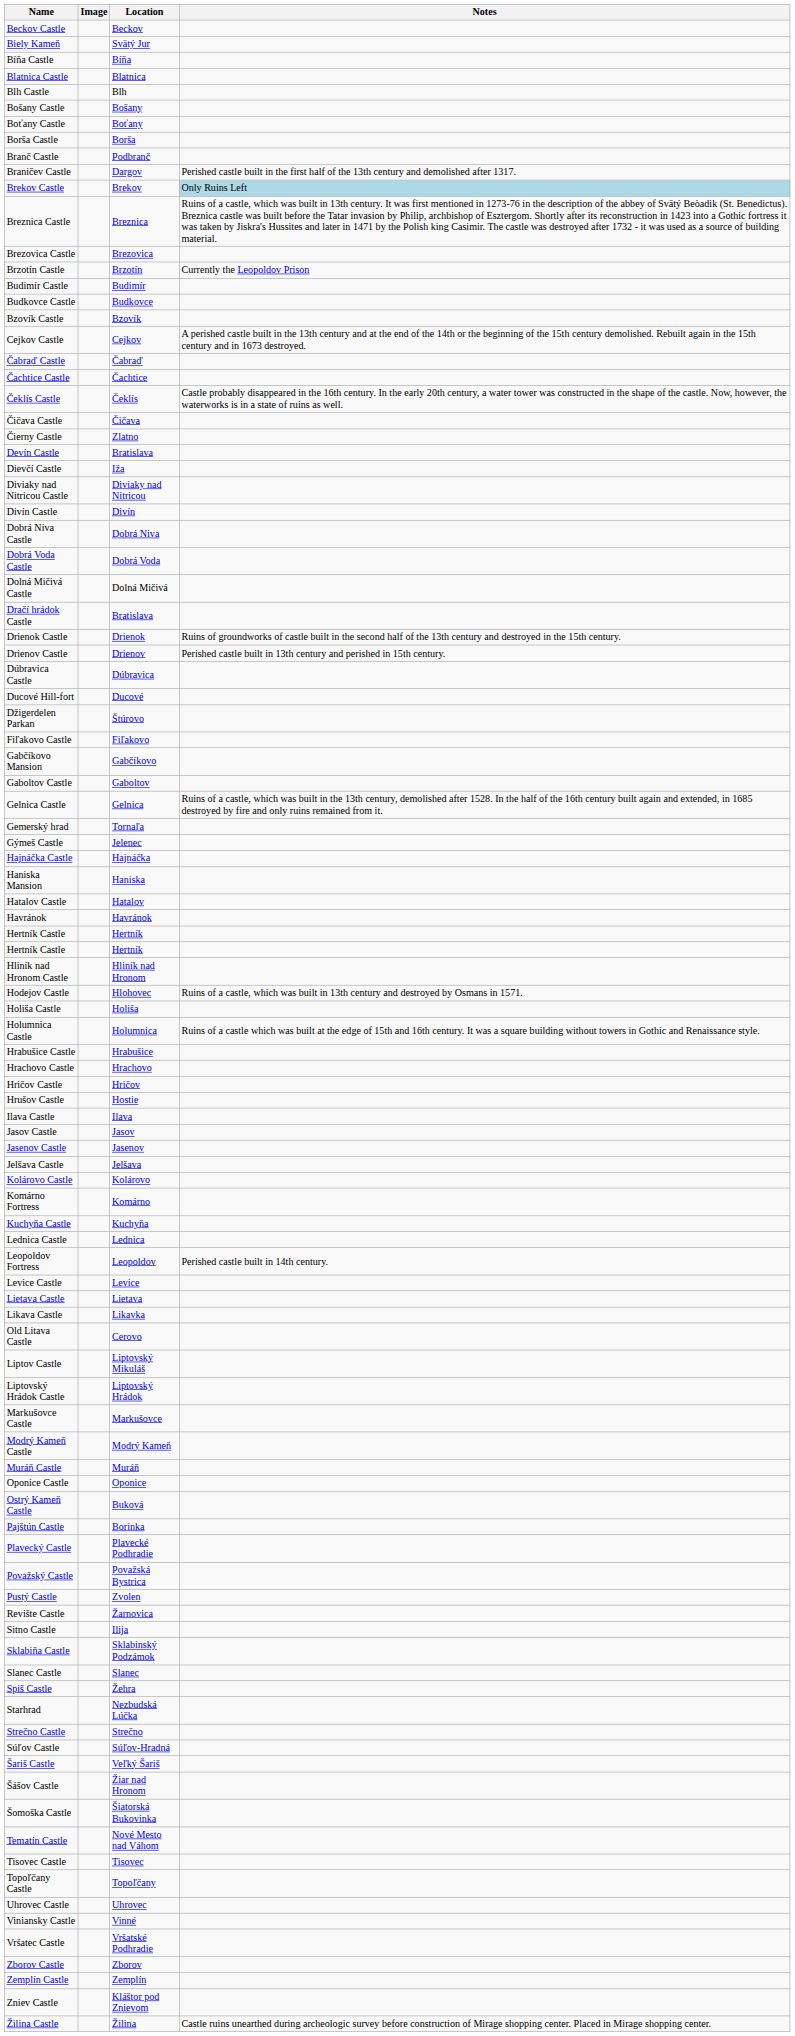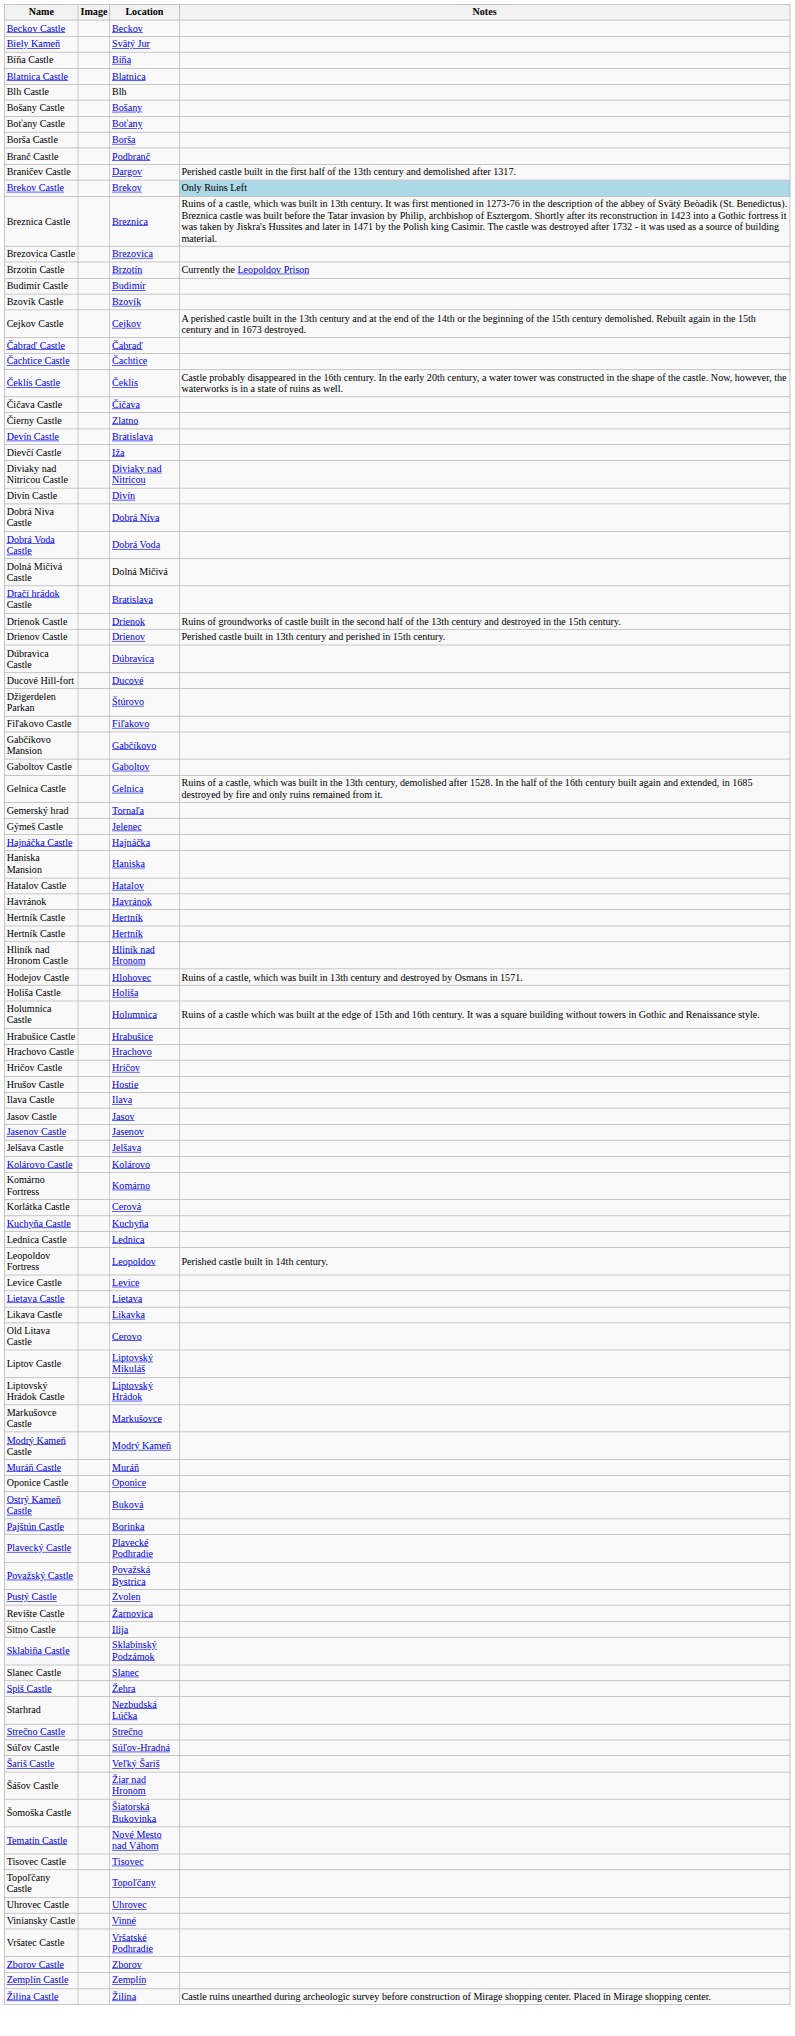 <table class="wikitable sortable" style="border: 0; cellpadding: 2; cellspacing: 3;">
 <tr style="vertical-align:middle;">
 <th>Name</th>
 <th>Image</th>
 <th>Location</th>
 <th class="unsortable">Notes</th>
 </tr>
 <tr>
 <td><a href='#'>Beckov Castle</a></td>
 <td></td>
 <td><a href='#'>Beckov</a></td>
 <td></td>
 </tr>
 <tr>
 <td><a href='#'>Biely Kameň</a></td>
 <td></td>
 <td><a href='#'>Svätý Jur</a></td>
 <td></td>
 </tr>
 <tr>
 <td>Bíňa Castle</td>
 <td></td>
 <td><a href='#'>Bíňa</a></td>
 <td></td>
 </tr>
 <tr>
 <td><a href='#'>Blatnica Castle</a></td>
 <td></td>
 <td><a href='#'>Blatnica</a></td>
 <td></td>
 </tr>
 <tr>
 <td>Blh Castle</td>
 <td></td>
 <td>Blh</td>
 <td></td>
 </tr>
 <tr>
 <td>Bošany Castle</td>
 <td></td>
 <td><a href='#'>Bošany</a></td>
 <td></td>
 </tr>
 <tr>
 <td>Boťany Castle</td>
 <td></td>
 <td><a href='#'>Boťany</a></td>
 <td></td>
 </tr>
 <tr>
 <td>Borša Castle</td>
 <td></td>
 <td><a href='#'>Borša</a></td>
 <td></td>
 </tr>
 <tr>
 <td>Branč Castle</td>
 <td></td>
 <td><a href='#'>Podbranč</a></td>
 <td></td>
 </tr>
 <tr>
 <td>Braničev Castle</td>
 <td></td>
 <td><a href='#'>Dargov</a></td>
 <td>Perished castle built in the first half of the 13th century and demolished after 1317.</td>
 </tr>
 <tr>
 <td><a href='#'>Brekov Castle</a></td>
 <td></td>
 <td><a href='#'>Brekov</a></td>
 <td style="background: lightblue;">Only Ruins Left</td>
 </tr>
 <tr>
 <td>Breznica Castle</td>
 <td></td>
 <td><a href='#'>Breznica</a></td>
 <td>Ruins of a castle, which was built in 13th century. It was first mentioned in 1273-76 in the description of the abbey of Svätý Beòadik (St. Benedictus). Breznica castle was built before the Tatar invasion by Philip, archbishop of Esztergom. Shortly after its reconstruction in 1423 into a Gothic fortress it was taken by Jiskra's Hussites and later in 1471 by the Polish king Casimir. The castle was destroyed after 1732 - it was used as a source of building material.</td>
 </tr>
 <tr>
 <td>Brezovica Castle</td>
 <td></td>
 <td><a href='#'>Brezovica</a></td>
 <td></td>
 </tr>
 <tr>
 <td>Brzotín Castle</td>
 <td></td>
 <td><a href='#'>Brzotín</a></td>
 <td>Currently the <a href='#'>Leopoldov Prison</a></td>
 </tr>
 <tr>
 <td>Budimír Castle</td>
 <td></td>
 <td><a href='#'>Budimír</a></td>
-<td></td>
-</tr>
-<tr>
-<td>Budkovce Castle</td>
-<td></td>
-<td><a href='#'>Budkovce</a></td>
 <td></td>
 </tr>
 <tr>
 <td>Bzovík Castle</td>
 <td></td>
 <td><a href='#'>Bzovík</a></td>
 <td></td>
 </tr>
 <tr>
 <td>Cejkov Castle</td>
 <td></td>
 <td><a href='#'>Cejkov</a></td>
 <td>A perished castle built in the 13th century and at the end of the 14th or the beginning of the 15th century demolished. Rebuilt again in the 15th century and in 1673 destroyed.</td>
 </tr>
 <tr>
 <td><a href='#'>Čabraď Castle</a></td>
 <td></td>
 <td><a href='#'>Čabraď</a></td>
 <td></td>
 </tr>
 <tr>
 <td><a href='#'>Čachtice Castle</a></td>
 <td></td>
 <td><a href='#'>Čachtice</a></td>
 <td></td>
 </tr>
 <tr>
 <td><a href='#'>Čeklís Castle</a></td>
 <td></td>
 <td><a href='#'>Čeklís</a></td>
 <td>Castle probably disappeared in the 16th century. In the early 20th century, a water tower was constructed in the shape of the castle. Now, however, the waterworks is in a state of ruins as well.</td>
 </tr>
 <tr>
 <td>Čičava Castle</td>
 <td></td>
 <td><a href='#'>Čičava</a></td>
 <td></td>
 </tr>
 <tr>
 <td>Čierny Castle</td>
 <td></td>
 <td><a href='#'>Zlatno</a></td>
 <td></td>
 </tr>
 <tr>
 <td><a href='#'>Devín Castle</a></td>
 <td></td>
 <td><a href='#'>Bratislava</a></td>
 <td></td>
 </tr>
 <tr>
 <td>Dievčí Castle</td>
 <td></td>
 <td><a href='#'>Iža</a></td>
 <td></td>
 </tr>
 <tr>
 <td>Diviaky nad Nitricou Castle</td>
 <td></td>
 <td><a href='#'>Diviaky nad Nitricou</a></td>
 <td></td>
 </tr>
 <tr>
 <td>Divín Castle</td>
 <td></td>
 <td><a href='#'>Divín</a></td>
 <td></td>
 </tr>
 <tr>
 <td>Dobrá Niva Castle</td>
 <td></td>
 <td><a href='#'>Dobrá Niva</a></td>
 <td></td>
 </tr>
 <tr>
 <td><a href='#'>Dobrá Voda Castle</a></td>
 <td></td>
 <td><a href='#'>Dobrá Voda</a></td>
 <td></td>
 </tr>
 <tr>
 <td>Dolná Mičivá Castle</td>
 <td></td>
 <td>Dolná Mičivá</td>
 <td></td>
 </tr>
 <tr>
 <td><a href='#'>Dračí hrádok</a> Castle</td>
 <td></td>
 <td><a href='#'>Bratislava</a></td>
 <td></td>
 </tr>
 <tr>
 <td>Drienok Castle</td>
 <td></td>
 <td><a href='#'>Drienok</a></td>
 <td>Ruins of groundworks of castle built in the second half of the 13th century and destroyed in the 15th century.</td>
 </tr>
 <tr>
 <td>Drienov Castle</td>
 <td></td>
 <td><a href='#'>Drienov</a></td>
 <td>Perished castle built in 13th century and perished in 15th century.</td>
 </tr>
 <tr>
 <td>Dúbravica Castle</td>
 <td></td>
 <td><a href='#'>Dúbravica</a></td>
 <td></td>
 </tr>
 <tr>
 <td>Ducové Hill-fort</td>
 <td></td>
 <td><a href='#'>Ducové</a></td>
 <td></td>
 </tr>
 <tr>
 <td>Džigerdelen Parkan</td>
 <td></td>
 <td><a href='#'>Štúrovo</a></td>
 <td></td>
 </tr>
 <tr>
 <td>Fiľakovo Castle</td>
 <td></td>
 <td><a href='#'>Fiľakovo</a></td>
 <td></td>
 </tr>
 <tr>
 <td>Gabčíkovo Mansion</td>
 <td></td>
 <td><a href='#'>Gabčíkovo</a></td>
 <td></td>
 </tr>
 <tr>
 <td>Gaboltov Castle</td>
 <td></td>
 <td><a href='#'>Gaboltov</a></td>
 <td></td>
 </tr>
 <tr>
 <td>Gelnica Castle</td>
 <td></td>
 <td><a href='#'>Gelnica</a></td>
 <td>Ruins of a castle, which was built in the 13th century, demolished after 1528. In the half of the 16th century built again and extended, in 1685 destroyed by fire and only ruins remained from it.</td>
 </tr>
 <tr>
 <td>Gemerský hrad</td>
 <td></td>
 <td><a href='#'>Tornaľa</a></td>
 <td></td>
 </tr>
 <tr>
 <td>Gýmeš Castle</td>
 <td></td>
 <td><a href='#'>Jelenec</a></td>
 <td></td>
 </tr>
 <tr>
 <td><a href='#'>Hajnáčka Castle</a></td>
 <td></td>
 <td><a href='#'>Hajnáčka</a></td>
 <td></td>
 </tr>
 <tr>
 <td>Haniska Mansion</td>
 <td></td>
 <td><a href='#'>Haniska</a></td>
 <td></td>
 </tr>
 <tr>
 <td>Hatalov Castle</td>
 <td></td>
 <td><a href='#'>Hatalov</a></td>
 <td></td>
 </tr>
 <tr>
 <td>Havránok</td>
 <td></td>
 <td><a href='#'>Havránok</a></td>
 <td></td>
 </tr>
 <tr>
 <td>Hertník Castle</td>
 <td></td>
 <td><a href='#'>Hertník</a></td>
 <td></td>
 </tr>
 <tr>
 <td>Hertník Castle</td>
 <td></td>
 <td><a href='#'>Hertník</a></td>
 <td></td>
 </tr>
 <tr>
 <td>Hliník nad Hronom Castle</td>
 <td></td>
 <td><a href='#'>Hliník nad Hronom</a></td>
 <td></td>
 </tr>
 <tr>
 <td>Hodejov Castle</td>
 <td></td>
 <td><a href='#'>Hlohovec</a></td>
 <td>Ruins of a castle, which was built in 13th century and destroyed by Osmans in 1571.</td>
 </tr>
 <tr>
 <td>Holiša Castle</td>
 <td></td>
 <td><a href='#'>Holiša</a></td>
 <td></td>
 </tr>
 <tr>
 <td>Holumnica Castle</td>
 <td></td>
 <td><a href='#'>Holumnica</a></td>
 <td>Ruins of a castle which was built at the edge of 15th and 16th century.  It was a square building without towers in Gothic and Renaissance style.</td>
 </tr>
 <tr>
 <td>Hrabušice Castle</td>
 <td></td>
 <td><a href='#'>Hrabušice</a></td>
 <td></td>
 </tr>
 <tr>
 <td>Hrachovo Castle</td>
 <td></td>
 <td><a href='#'>Hrachovo</a></td>
 <td></td>
 </tr>
 <tr>
 <td>Hričov Castle</td>
 <td></td>
 <td><a href='#'>Hričov</a></td>
 <td></td>
 </tr>
 <tr>
 <td>Hrušov Castle</td>
 <td></td>
 <td><a href='#'>Hostie</a></td>
 <td></td>
 </tr>
 <tr>
 <td>Ilava Castle</td>
 <td></td>
 <td><a href='#'>Ilava</a></td>
 <td></td>
 </tr>
 <tr>
 <td>Jasov Castle</td>
 <td></td>
 <td><a href='#'>Jasov</a></td>
 <td></td>
 </tr>
 <tr>
 <td><a href='#'>Jasenov Castle</a></td>
 <td></td>
 <td><a href='#'>Jasenov</a></td>
 <td></td>
 </tr>
 <tr>
 <td>Jelšava Castle</td>
 <td></td>
 <td><a href='#'>Jelšava</a></td>
 <td></td>
 </tr>
 <tr>
 <td><a href='#'>Kolárovo Castle</a></td>
 <td></td>
 <td><a href='#'>Kolárovo</a></td>
 <td></td>
 </tr>
 <tr>
 <td>Komárno Fortress</td>
 <td></td>
 <td><a href='#'>Komárno</a></td>
 <td></td>
 </tr>
 <tr>
+<td>Korlátka Castle</td>
+<td></td>
+<td><a href='#'>Cerová</a></td>
+<td></td>
+</tr>
+<tr>
 <td><a href='#'>Kuchyňa Castle</a></td>
 <td></td>
 <td><a href='#'>Kuchyňa</a></td>
 <td></td>
 </tr>
 <tr>
 <td>Lednica Castle</td>
 <td></td>
 <td><a href='#'>Lednica</a></td>
 <td></td>
 </tr>
 <tr>
 <td>Leopoldov Fortress</td>
 <td></td>
 <td><a href='#'>Leopoldov</a></td>
 <td>Perished castle built in 14th century.</td>
 </tr>
 <tr>
 <td>Levice Castle</td>
 <td></td>
 <td><a href='#'>Levice</a></td>
 <td></td>
 </tr>
 <tr>
 <td><a href='#'>Lietava Castle</a></td>
 <td></td>
 <td><a href='#'>Lietava</a></td>
 <td></td>
 </tr>
 <tr>
 <td>Likava Castle</td>
 <td></td>
 <td><a href='#'>Likavka</a></td>
 <td></td>
 </tr>
 <tr>
 <td>Old Litava Castle</td>
 <td></td>
 <td><a href='#'>Cerovo</a></td>
 <td></td>
 </tr>
 <tr>
 <td>Liptov Castle</td>
 <td></td>
 <td><a href='#'>Liptovský Mikuláš</a></td>
 <td></td>
 </tr>
 <tr>
 <td>Liptovský Hrádok Castle</td>
 <td></td>
 <td><a href='#'>Liptovský Hrádok</a></td>
 <td></td>
 </tr>
 <tr>
 <td>Markušovce Castle</td>
 <td></td>
 <td><a href='#'>Markušovce</a></td>
 <td></td>
 </tr>
 <tr>
 <td><a href='#'>Modrý Kameň</a> Castle</td>
 <td></td>
 <td><a href='#'>Modrý Kameň</a></td>
 <td></td>
 </tr>
 <tr>
 <td><a href='#'>Muráň Castle</a></td>
 <td></td>
 <td><a href='#'>Muráň</a></td>
 <td></td>
 </tr>
 <tr>
 <td>Oponice Castle</td>
 <td></td>
 <td><a href='#'>Oponice</a></td>
 <td></td>
 </tr>
 <tr>
 <td><a href='#'>Ostrý Kameň Castle</a></td>
 <td></td>
 <td><a href='#'>Buková</a></td>
 <td></td>
 </tr>
 <tr>
 <td><a href='#'>Pajštún Castle</a></td>
 <td></td>
 <td><a href='#'>Borinka</a></td>
 <td></td>
 </tr>
 <tr>
 <td><a href='#'>Plavecký Castle</a></td>
 <td></td>
 <td><a href='#'>Plavecké Podhradie</a></td>
 <td></td>
 </tr>
 <tr>
 <td><a href='#'>Považský Castle</a></td>
 <td></td>
 <td><a href='#'>Považská Bystrica</a></td>
 <td></td>
 </tr>
 <tr>
 <td><a href='#'>Pustý Castle</a></td>
 <td></td>
 <td><a href='#'>Zvolen</a></td>
 <td></td>
 </tr>
 <tr>
 <td>Revište Castle</td>
 <td></td>
 <td><a href='#'>Žarnovica</a></td>
 <td></td>
 </tr>
 <tr>
 <td>Sitno Castle</td>
 <td></td>
 <td><a href='#'>Ilija</a></td>
 <td></td>
 </tr>
 <tr>
 <td><a href='#'>Sklabiňa Castle</a></td>
 <td></td>
 <td><a href='#'>Sklabinský Podzámok</a></td>
 <td></td>
 </tr>
 <tr>
 <td>Slanec Castle</td>
 <td></td>
 <td><a href='#'>Slanec</a></td>
 <td></td>
 </tr>
 <tr>
 <td><a href='#'>Spiš Castle</a></td>
 <td></td>
 <td><a href='#'>Žehra</a></td>
 <td></td>
 </tr>
 <tr>
 <td>Starhrad</td>
 <td></td>
 <td><a href='#'>Nezbudská Lúčka</a></td>
 <td></td>
 </tr>
 <tr>
 <td><a href='#'>Strečno Castle</a></td>
 <td></td>
 <td><a href='#'>Strečno</a></td>
 <td></td>
 </tr>
 <tr>
 <td>Súľov Castle</td>
 <td></td>
 <td><a href='#'>Súľov-Hradná</a></td>
 <td></td>
 </tr>
 <tr>
 <td><a href='#'>Šariš Castle</a></td>
 <td></td>
 <td><a href='#'>Veľký Šariš</a></td>
 <td></td>
 </tr>
 <tr>
 <td>Šášov Castle</td>
 <td></td>
 <td><a href='#'>Žiar nad Hronom</a></td>
 <td></td>
 </tr>
 <tr>
 <td>Šomoška Castle</td>
 <td></td>
 <td><a href='#'>Šiatorská Bukovinka</a></td>
 <td></td>
 </tr>
 <tr>
 <td><a href='#'>Tematín Castle</a></td>
 <td></td>
 <td><a href='#'>Nové Mesto nad Váhom</a></td>
 <td></td>
 </tr>
 <tr>
 <td>Tisovec Castle</td>
 <td></td>
 <td><a href='#'>Tisovec</a></td>
 <td></td>
 </tr>
 <tr>
 <td>Topoľčany Castle</td>
 <td></td>
 <td><a href='#'>Topoľčany</a></td>
 <td></td>
 </tr>
 <tr>
 <td>Uhrovec Castle</td>
 <td></td>
 <td><a href='#'>Uhrovec</a></td>
 <td></td>
 </tr>
 <tr>
 <td>Viniansky Castle</td>
 <td></td>
 <td><a href='#'>Vinné</a></td>
 <td></td>
 </tr>
 <tr>
 <td>Vršatec Castle</td>
 <td></td>
 <td><a href='#'>Vršatské Podhradie</a></td>
 <td></td>
 </tr>
 <tr>
 <td><a href='#'>Zborov Castle</a></td>
 <td></td>
 <td><a href='#'>Zborov</a></td>
 <td></td>
 </tr>
 <tr>
 <td><a href='#'>Zemplín Castle</a></td>
 <td></td>
 <td><a href='#'>Zemplín</a></td>
 <td></td>
 </tr>
 <tr>
-<td>Zniev Castle</td>
-<td></td>
-<td><a href='#'>Kláštor pod Znievom</a></td>
-<td></td>
-</tr>
-<tr>
 <td><a href='#'>Žilina Castle</a></td>
 <td></td>
 <td><a href='#'>Žilina</a></td>
 <td>Castle ruins unearthed during archeologic survey before construction of Mirage shopping center. Placed in Mirage shopping center.</td>
 </tr>
 </table>
